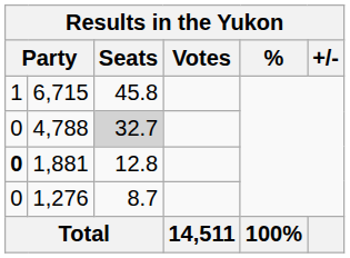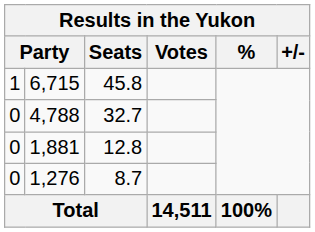 <table class="wikitable">
 <tr>
 <th align="center" colspan=6>Results in the Yukon</th>
 </tr>
 <tr>
 <th align="centre" colspan=2>Party</th>
 <th align="right">Seats</th>
 <th align="right">Votes</th>
 <th align="right">%</th>
 <th align="right">+/-</th>
 </tr>
 <tr>
 <td align="right">1</td>
 <td align="right">6,715</td>
 <td align="right">45.8</td>
 <td align="right"></td>
 </tr>
 <tr>
 <td align="right">0</td>
 <td align="right">4,788</td>
-<td align="right" style="background: lightgrey;">32.7</td>
+<td align="right">32.7</td>
 <td align="right"></td>
 </tr>
 <tr>
-<td align="right"><strong>0</strong></td>
+<td align="right">0</td>
 <td align="right">1,881</td>
 <td align="right">12.8</td>
 <td align="right"></td>
 </tr>
 <tr>
 <td align="right">0</td>
 <td align="right">1,276</td>
 <td align="right">8.7</td>
 <td align="right"></td>
 </tr>
 <tr bgcolor="white">
 <th align="left" colspan=3>Total</th>
 <th align="right">14,511</th>
 <th align="right">100%</th>
 <th align="right"></th>
 </tr>
 </table>
